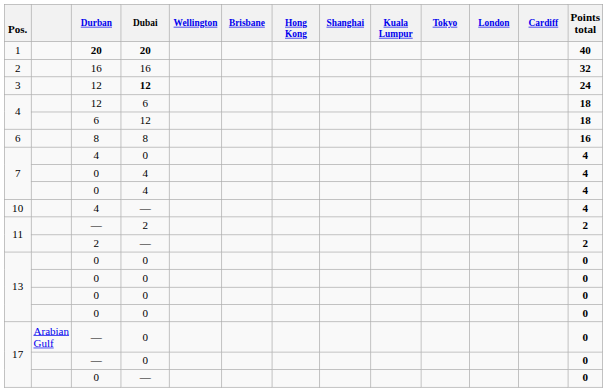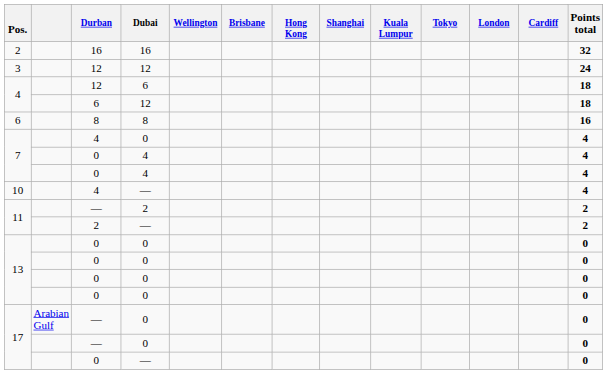 <table class="wikitable" style="text-align:center;">
 <tr>
 <th style="width:2em;"><br>Pos.</th>
 <th></th>
 <th style="width:5.2em; vertical-align:top; font-size:85%;"><br><a href='#'>Durban</a></th>
 <th style="width:5.2em; vertical-align:top; font-size:85%;"><br>Dubai</th>
 <th style="width:5.2em; vertical-align:top; font-size:85%;"><br><a href='#'>Wellington</a></th>
 <th style="width:5.2em; vertical-align:top; font-size:85%;"><br><a href='#'>Brisbane</a></th>
 <th style="width:5.2em; vertical-align:top; font-size:85%;"><br><a href='#'>Hong Kong</a></th>
 <th style="width:5.2em; vertical-align:top; font-size:85%;"><br><a href='#'>Shanghai</a></th>
 <th style="width:5.2em; vertical-align:top; font-size:85%;"><br><a href='#'>Kuala Lumpur</a></th>
 <th style="width:5.2em; vertical-align:top; font-size:85%;"><br><a href='#'>Tokyo</a></th>
 <th style="width:5.2em; vertical-align:top; font-size:85%;"><br><a href='#'>London</a></th>
 <th style="width:5.2em; vertical-align:top; font-size:85%;"><br><a href='#'>Cardiff</a></th>
 <th>Points<br>total</th>
-</tr>
-<tr>
-<td>1</td>
-<td align=left></td>
-<td><strong>20</strong></td>
-<td><strong>20</strong></td>
-<td></td>
-<td></td>
-<td></td>
-<td></td>
-<td></td>
-<td></td>
-<td></td>
-<td></td>
-<td><strong>40</strong></td>
 </tr>
 <tr>
 <td>2</td>
 <td align=left></td>
 <td>16</td>
 <td>16</td>
 <td></td>
 <td></td>
 <td></td>
 <td></td>
 <td></td>
 <td></td>
 <td></td>
 <td></td>
 <td><strong>32</strong></td>
 </tr>
 <tr>
 <td>3</td>
 <td align=left></td>
 <td>12</td>
-<td><strong>12</strong></td>
+<td>12</td>
 <td></td>
 <td></td>
 <td></td>
 <td></td>
 <td></td>
 <td></td>
 <td></td>
 <td></td>
 <td><strong>24</strong></td>
 </tr>
 <tr>
 <td rowspan=2>4</td>
 <td align=left></td>
 <td>12</td>
 <td>6</td>
 <td></td>
 <td></td>
 <td></td>
 <td></td>
 <td></td>
 <td></td>
 <td></td>
 <td></td>
 <td><strong>18</strong></td>
 </tr>
 <tr>
 <td align=left></td>
 <td>6</td>
 <td>12</td>
 <td></td>
 <td></td>
 <td></td>
 <td></td>
 <td></td>
 <td></td>
 <td></td>
 <td></td>
 <td><strong>18</strong></td>
 </tr>
 <tr>
 <td>6</td>
 <td align=left></td>
 <td>8</td>
 <td>8</td>
 <td></td>
 <td></td>
 <td></td>
 <td></td>
 <td></td>
 <td></td>
 <td></td>
 <td></td>
 <td><strong>16</strong></td>
 </tr>
 <tr>
 <td rowspan=3>7</td>
 <td align=left></td>
 <td>4</td>
 <td>0</td>
 <td></td>
 <td></td>
 <td></td>
 <td></td>
 <td></td>
 <td></td>
 <td></td>
 <td></td>
 <td><strong>4</strong></td>
 </tr>
 <tr>
 <td align=left></td>
 <td>0</td>
 <td>4</td>
 <td></td>
 <td></td>
 <td></td>
 <td></td>
 <td></td>
 <td></td>
 <td></td>
 <td></td>
 <td><strong>4</strong></td>
 </tr>
 <tr>
 <td align=left></td>
 <td>0</td>
 <td>4</td>
 <td></td>
 <td></td>
 <td></td>
 <td></td>
 <td></td>
 <td></td>
 <td></td>
 <td></td>
 <td><strong>4</strong></td>
 </tr>
 <tr>
 <td>10</td>
 <td align=left></td>
 <td>4</td>
 <td>—</td>
 <td></td>
 <td></td>
 <td></td>
 <td></td>
 <td></td>
 <td></td>
 <td></td>
 <td></td>
 <td><strong>4</strong></td>
 </tr>
 <tr>
 <td rowspan=2>11</td>
 <td align=left></td>
 <td>—</td>
 <td>2</td>
 <td></td>
 <td></td>
 <td></td>
 <td></td>
 <td></td>
 <td></td>
 <td></td>
 <td></td>
 <td><strong>2</strong></td>
 </tr>
 <tr>
 <td align=left></td>
 <td>2</td>
 <td>—</td>
 <td></td>
 <td></td>
 <td></td>
 <td></td>
 <td></td>
 <td></td>
 <td></td>
 <td></td>
 <td><strong>2</strong></td>
 </tr>
 <tr>
 <td rowspan=4>13</td>
 <td align=left></td>
 <td>0</td>
 <td>0</td>
 <td></td>
 <td></td>
 <td></td>
 <td></td>
 <td></td>
 <td></td>
 <td></td>
 <td></td>
 <td><strong>0</strong></td>
 </tr>
 <tr>
 <td align=left></td>
 <td>0</td>
 <td>0</td>
 <td></td>
 <td></td>
 <td></td>
 <td></td>
 <td></td>
 <td></td>
 <td></td>
 <td></td>
 <td><strong>0</strong></td>
 </tr>
 <tr>
 <td align=left></td>
 <td>0</td>
 <td>0</td>
 <td></td>
 <td></td>
 <td></td>
 <td></td>
 <td></td>
 <td></td>
 <td></td>
 <td></td>
 <td><strong>0</strong></td>
 </tr>
 <tr>
 <td align=left></td>
 <td>0</td>
 <td>0</td>
 <td></td>
 <td></td>
 <td></td>
 <td></td>
 <td></td>
 <td></td>
 <td></td>
 <td></td>
 <td><strong>0</strong></td>
 </tr>
 <tr>
 <td rowspan=3>17</td>
 <td align=left> <a href='#'>Arabian Gulf</a></td>
 <td>—</td>
 <td>0</td>
 <td></td>
 <td></td>
 <td></td>
 <td></td>
 <td></td>
 <td></td>
 <td></td>
 <td></td>
 <td><strong>0</strong></td>
 </tr>
 <tr>
 <td align=left></td>
 <td>—</td>
 <td>0</td>
 <td></td>
 <td></td>
 <td></td>
 <td></td>
 <td></td>
 <td></td>
 <td></td>
 <td></td>
 <td><strong>0</strong></td>
 </tr>
 <tr>
 <td align=left></td>
 <td>0</td>
 <td>—</td>
 <td></td>
 <td></td>
 <td></td>
 <td></td>
 <td></td>
 <td></td>
 <td></td>
 <td></td>
 <td><strong>0</strong></td>
 </tr>
 </table>
